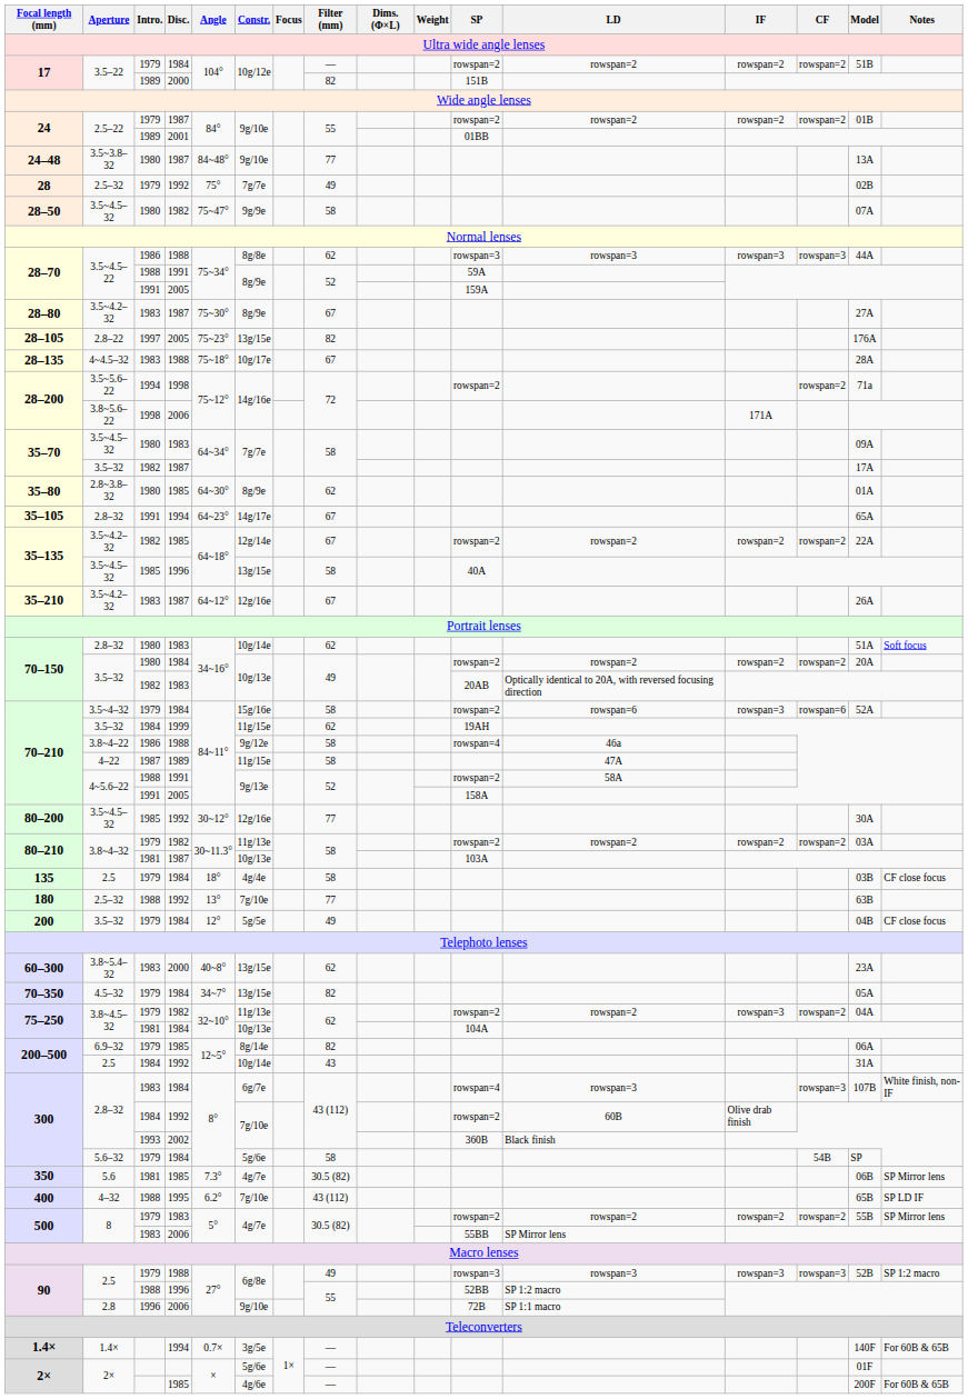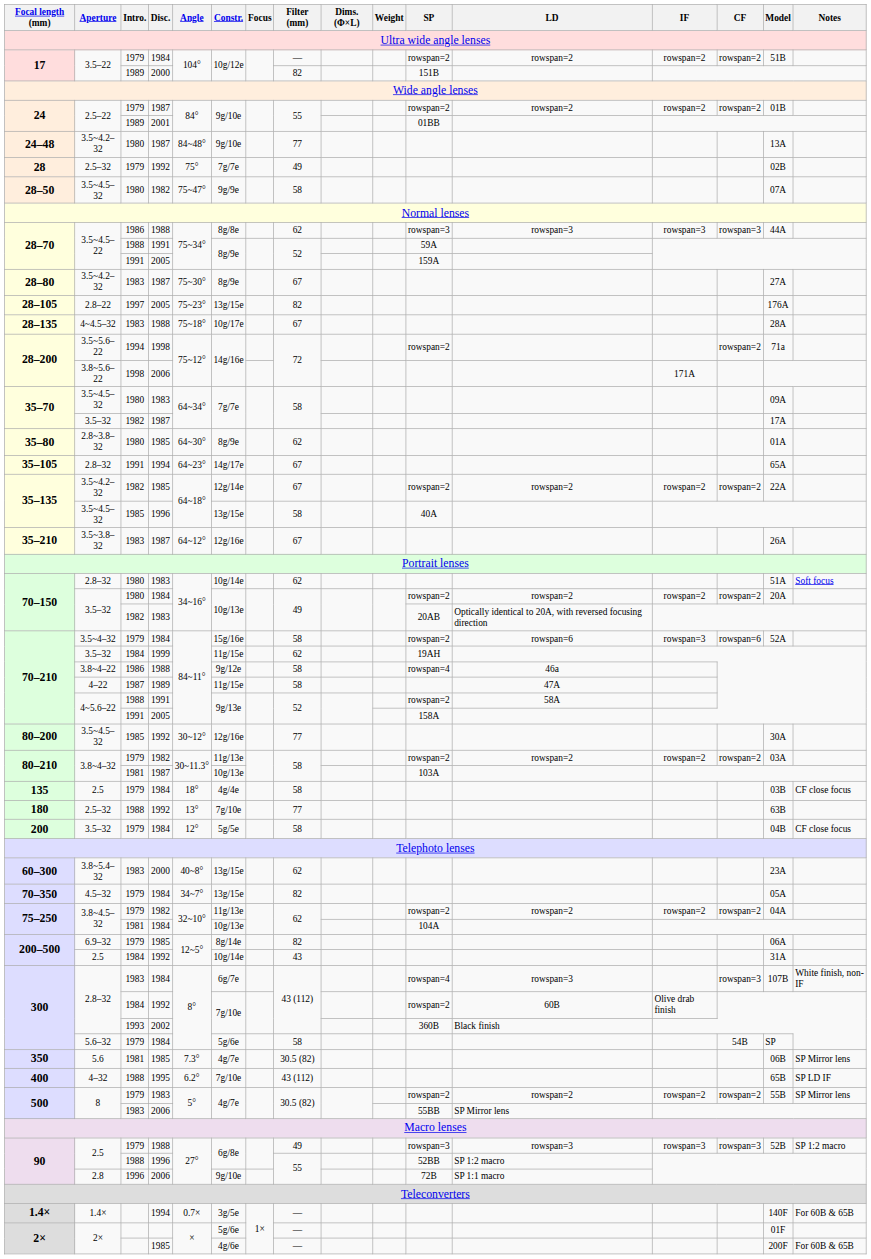 <table class="wikitable sortable" style="font-size:85%;text-align:center;">
 <tr>
 <th><a href='#'>Focal length</a> (mm)</th>
 <th><a href='#'>Aperture</a></th>
 <th>Intro.</th>
 <th>Disc.</th>
 <th><a href='#'>Angle</a></th>
 <th><a href='#'>Constr.</a></th>
 <th>Focus</th>
 <th>Filter (mm)</th>
 <th>Dims. (Φ×L)</th>
 <th>Weight</th>
 <th>SP</th>
 <th>LD</th>
 <th>IF</th>
 <th>CF</th>
 <th>Model</th>
 <th class="unsortable">Notes</th>
 </tr>
 <tr>
 <td colspan=16 style="font-size:125%;background:#fdd;" data-sort-value="z001"><a href='#'>Ultra wide angle lenses</a></td>
 </tr>
 <tr>
 <th rowspan=2 style="font-size:125%;background:#fdd;">17</th>
 <td rowspan=2>3.5–22</td>
 <td>1979</td>
 <td>1984</td>
 <td rowspan=2>104°</td>
 <td rowspan=2>10g/12e</td>
 <td rowspan=2></td>
 <td>—</td>
 <td></td>
 <td></td>
 <td>rowspan=2 </td>
 <td>rowspan=2 </td>
 <td>rowspan=2 </td>
 <td>rowspan=2 </td>
 <td>51B</td>
 <td style="text-align:left;"></td>
 </tr>
 <tr>
 <td>1989</td>
 <td>2000</td>
 <td>82</td>
 <td></td>
 <td></td>
 <td>151B</td>
 <td style="text-align:left;"></td>
 </tr>
 <tr>
 <td colspan=16 style="font-size:125%;background:#fed;" data-sort-value="z002"><a href='#'>Wide angle lenses</a></td>
 </tr>
 <tr>
 <th rowspan=2 style="font-size:125%;background:#fed;">24</th>
 <td rowspan=2>2.5–22</td>
 <td>1979</td>
 <td>1987</td>
 <td rowspan=2>84°</td>
 <td rowspan=2>9g/10e</td>
 <td rowspan=2></td>
 <td rowspan=2>55</td>
 <td></td>
 <td></td>
 <td>rowspan=2 </td>
 <td>rowspan=2 </td>
 <td>rowspan=2 </td>
 <td>rowspan=2 </td>
 <td>01B</td>
 <td style="text-align:left;"></td>
 </tr>
 <tr>
 <td>1989</td>
 <td>2001</td>
 <td></td>
 <td></td>
 <td>01BB</td>
 <td style="text-align:left;"></td>
 </tr>
 <tr>
 <th style="font-size:125%;background:#fed;">24–48</th>
-<td>3.5~3.8–32</td>
+<td>3.5~4.2–32</td>
 <td>1980</td>
 <td>1987</td>
 <td>84~48°</td>
 <td>9g/10e</td>
 <td></td>
 <td>77</td>
 <td></td>
 <td></td>
 <td></td>
 <td></td>
 <td></td>
 <td></td>
 <td>13A</td>
 <td style="text-align:left;"></td>
 </tr>
 <tr>
 <th style="font-size:125%;background:#fed;">28</th>
 <td>2.5–32</td>
 <td>1979</td>
 <td>1992</td>
 <td>75°</td>
 <td>7g/7e</td>
 <td></td>
 <td>49</td>
 <td></td>
 <td></td>
 <td></td>
 <td></td>
 <td></td>
 <td></td>
 <td>02B</td>
 <td style="text-align:left;"></td>
 </tr>
 <tr>
 <th style="font-size:125%;background:#fed;">28–50</th>
 <td>3.5~4.5–32</td>
 <td>1980</td>
 <td>1982</td>
 <td>75~47°</td>
 <td>9g/9e</td>
 <td></td>
 <td>58</td>
 <td></td>
 <td></td>
 <td></td>
 <td></td>
 <td></td>
 <td></td>
 <td>07A</td>
 <td style="text-align:left;"></td>
 </tr>
 <tr>
 <td colspan=16 style="font-size:125%;background:#ffd;" data-sort-value="z003"><a href='#'>Normal lenses</a></td>
 </tr>
 <tr>
 <th rowspan=3 style="font-size:125%;background:#ffd;">28–70</th>
 <td rowspan=3>3.5~4.5–22</td>
 <td>1986</td>
 <td>1988</td>
 <td rowspan=3>75~34°</td>
 <td>8g/8e</td>
 <td></td>
 <td>62</td>
 <td></td>
 <td></td>
 <td>rowspan=3 </td>
 <td>rowspan=3 </td>
 <td>rowspan=3 </td>
 <td>rowspan=3 </td>
 <td>44A</td>
 <td style="text-align:left;"></td>
 </tr>
 <tr>
 <td>1988</td>
 <td>1991</td>
 <td rowspan=2>8g/9e</td>
 <td rowspan=2></td>
 <td rowspan=2>52</td>
 <td></td>
 <td></td>
 <td>59A</td>
 <td style="text-align:left;"></td>
 </tr>
 <tr>
 <td>1991</td>
 <td>2005</td>
 <td></td>
 <td></td>
 <td>159A</td>
 <td style="text-align:left;"></td>
 </tr>
 <tr>
 <th style="font-size:125%;background:#ffd;">28–80</th>
 <td>3.5~4.2–32</td>
 <td>1983</td>
 <td>1987</td>
 <td>75~30°</td>
 <td>8g/9e</td>
 <td></td>
 <td>67</td>
 <td></td>
 <td></td>
 <td></td>
 <td></td>
 <td></td>
 <td></td>
 <td>27A</td>
 <td style="text-align:left;"></td>
 </tr>
 <tr>
 <th style="font-size:125%;background:#ffd;">28–105</th>
 <td>2.8–22</td>
 <td>1997</td>
 <td>2005</td>
 <td>75~23°</td>
 <td>13g/15e</td>
 <td></td>
 <td>82</td>
 <td></td>
 <td></td>
 <td></td>
 <td></td>
 <td></td>
 <td></td>
 <td>176A</td>
 <td style="text-align:left;"></td>
 </tr>
 <tr>
 <th style="font-size:125%;background:#ffd;">28–135</th>
 <td>4~4.5–32</td>
 <td>1983</td>
 <td>1988</td>
 <td>75~18°</td>
 <td>10g/17e</td>
 <td></td>
 <td>67</td>
 <td></td>
 <td></td>
 <td></td>
 <td></td>
 <td></td>
 <td></td>
 <td>28A</td>
 <td style="text-align:left;"></td>
 </tr>
 <tr>
 <th rowspan=2 style="font-size:125%;background:#ffd;">28–200</th>
 <td>3.5~5.6–22</td>
 <td>1994</td>
 <td>1998</td>
 <td rowspan=2>75~12°</td>
 <td rowspan=2>14g/16e</td>
 <td></td>
 <td rowspan=2>72</td>
 <td></td>
 <td></td>
 <td>rowspan=2 </td>
 <td></td>
 <td></td>
 <td>rowspan=2 </td>
 <td>71a</td>
 <td style="text-align:left;"></td>
 </tr>
 <tr>
 <td>3.8~5.6–22</td>
 <td>1998</td>
 <td>2006</td>
 <td></td>
 <td></td>
 <td></td>
 <td></td>
 <td></td>
 <td>171A</td>
 <td style="text-align:left;"></td>
 </tr>
 <tr>
 <th rowspan=2 style="font-size:125%;background:#ffd;">35–70</th>
 <td>3.5~4.5–32</td>
 <td>1980</td>
 <td>1983</td>
 <td rowspan=2>64~34°</td>
 <td rowspan=2>7g/7e</td>
 <td rowspan=2></td>
 <td rowspan=2>58</td>
 <td></td>
 <td></td>
 <td></td>
 <td></td>
 <td></td>
 <td></td>
 <td>09A</td>
 <td style="text-align:left;"></td>
 </tr>
 <tr>
 <td>3.5–32</td>
 <td>1982</td>
 <td>1987</td>
 <td></td>
 <td></td>
 <td></td>
 <td></td>
 <td></td>
 <td></td>
 <td>17A</td>
 <td style="text-align:left;"></td>
 </tr>
 <tr>
 <th style="font-size:125%;background:#ffd;">35–80</th>
 <td>2.8~3.8–32</td>
 <td>1980</td>
 <td>1985</td>
 <td>64~30°</td>
 <td>8g/9e</td>
 <td></td>
 <td>62</td>
 <td></td>
 <td></td>
 <td></td>
 <td></td>
 <td></td>
 <td></td>
 <td>01A</td>
 <td style="text-align:left;"></td>
 </tr>
 <tr>
 <th style="font-size:125%;background:#ffd;">35–105</th>
 <td>2.8–32</td>
 <td>1991</td>
 <td>1994</td>
 <td>64~23°</td>
 <td>14g/17e</td>
 <td></td>
 <td>67</td>
 <td></td>
 <td></td>
 <td></td>
 <td></td>
 <td></td>
 <td></td>
 <td>65A</td>
 <td style="text-align:left;"></td>
 </tr>
 <tr>
 <th rowspan=2 style="font-size:125%;background:#ffd;">35–135</th>
 <td>3.5~4.2–32</td>
 <td>1982</td>
 <td>1985</td>
 <td rowspan=2>64~18°</td>
 <td>12g/14e</td>
 <td></td>
 <td>67</td>
 <td></td>
 <td></td>
 <td>rowspan=2 </td>
 <td>rowspan=2  </td>
 <td>rowspan=2 </td>
 <td>rowspan=2 </td>
 <td>22A</td>
 <td style="text-align:left;"></td>
 </tr>
 <tr>
 <td>3.5~4.5–32</td>
 <td>1985</td>
 <td>1996</td>
 <td>13g/15e</td>
 <td></td>
 <td>58</td>
 <td></td>
 <td></td>
 <td>40A</td>
 <td style="text-align:left;"></td>
 </tr>
 <tr>
 <th style="font-size:125%;background:#ffd;">35–210</th>
-<td>3.5~4.2–32</td>
+<td>3.5~3.8–32</td>
 <td>1983</td>
 <td>1987</td>
 <td>64~12°</td>
 <td>12g/16e</td>
 <td></td>
 <td>67</td>
 <td></td>
 <td></td>
 <td></td>
 <td></td>
 <td></td>
 <td></td>
 <td>26A</td>
 <td style="text-align:left;"></td>
 </tr>
 <tr>
 <td colspan=16 style="font-size:125%;background:#dfd;" data-sort-value="z004"><a href='#'>Portrait lenses</a></td>
 </tr>
 <tr>
 <th rowspan=3 style="font-size:125%;background:#dfd;">70–150</th>
 <td>2.8–32</td>
 <td>1980</td>
 <td>1983</td>
 <td rowspan=3>34~16°</td>
 <td>10g/14e</td>
 <td></td>
 <td>62</td>
 <td></td>
 <td></td>
 <td></td>
 <td></td>
 <td></td>
 <td></td>
 <td>51A</td>
 <td style="text-align:left;"><a href='#'>Soft focus</a></td>
 </tr>
 <tr>
 <td rowspan=2>3.5–32</td>
 <td>1980</td>
 <td>1984</td>
 <td rowspan=2>10g/13e</td>
 <td rowspan=2></td>
 <td rowspan=2>49</td>
 <td rowspan=2></td>
 <td rowspan=2></td>
 <td>rowspan=2 </td>
 <td>rowspan=2 </td>
 <td>rowspan=2 </td>
 <td>rowspan=2 </td>
 <td>20A</td>
 <td style="text-align:left;"></td>
 </tr>
 <tr>
 <td>1982</td>
 <td>1983</td>
 <td>20AB</td>
 <td style="text-align:left;">Optically identical to 20A, with reversed focusing direction</td>
 </tr>
 <tr>
 <th rowspan=6 style="font-size:125%;background:#dfd;">70–210</th>
 <td>3.5~4–32</td>
 <td>1979</td>
 <td>1984</td>
 <td rowspan=6>84~11°</td>
 <td>15g/16e</td>
 <td></td>
 <td>58</td>
 <td></td>
 <td></td>
 <td>rowspan=2 </td>
 <td>rowspan=6 </td>
 <td>rowspan=3 </td>
 <td>rowspan=6 </td>
 <td>52A</td>
 <td style="text-align:left;"></td>
 </tr>
 <tr>
 <td>3.5–32</td>
 <td>1984</td>
 <td>1999</td>
 <td>11g/15e</td>
 <td></td>
 <td>62</td>
 <td></td>
 <td></td>
 <td>19AH</td>
 <td style="text-align:left;"></td>
 </tr>
 <tr>
 <td>3.8~4–22</td>
 <td>1986</td>
 <td>1988</td>
 <td>9g/12e</td>
 <td></td>
 <td>58</td>
 <td></td>
 <td></td>
 <td>rowspan=4 </td>
 <td>46a</td>
 <td style="text-align:left;"></td>
 </tr>
 <tr>
 <td>4–22</td>
 <td>1987</td>
 <td>1989</td>
 <td>11g/15e</td>
 <td></td>
 <td>58</td>
 <td></td>
 <td></td>
 <td></td>
 <td>47A</td>
 <td style="text-align:left;"></td>
 </tr>
 <tr>
 <td rowspan=2>4~5.6–22</td>
 <td>1988</td>
 <td>1991</td>
 <td rowspan=2>9g/13e</td>
 <td rowspan=2></td>
 <td rowspan=2>52</td>
 <td rowspan=2></td>
 <td></td>
 <td>rowspan=2 </td>
 <td>58A</td>
 <td style="text-align:left;"></td>
 </tr>
 <tr>
 <td>1991</td>
 <td>2005</td>
 <td></td>
 <td>158A</td>
 <td style="text-align:left;"></td>
 </tr>
 <tr>
 <th style="font-size:125%;background:#dfd;">80–200</th>
 <td>3.5~4.5–32</td>
 <td>1985</td>
 <td>1992</td>
 <td>30~12°</td>
 <td>12g/16e</td>
 <td></td>
 <td>77</td>
 <td></td>
 <td></td>
 <td></td>
 <td></td>
 <td></td>
 <td></td>
 <td>30A</td>
 <td style="text-align:left;"></td>
 </tr>
 <tr>
 <th rowspan=2 style="font-size:125%;background:#dfd;">80–210</th>
 <td rowspan=2>3.8~4–32</td>
 <td>1979</td>
 <td>1982</td>
 <td rowspan=2>30~11.3°</td>
 <td>11g/13e</td>
 <td rowspan=2></td>
 <td rowspan=2>58</td>
 <td></td>
 <td></td>
 <td>rowspan=2 </td>
 <td>rowspan=2 </td>
 <td>rowspan=2 </td>
 <td>rowspan=2 </td>
 <td>03A</td>
 <td style="text-align:left;"></td>
 </tr>
 <tr>
 <td>1981</td>
 <td>1987</td>
 <td>10g/13e</td>
 <td></td>
 <td></td>
 <td>103A</td>
 <td style="text-align:left;"></td>
 </tr>
 <tr>
 <th style="font-size:125%;background:#dfd;">135</th>
 <td>2.5</td>
 <td>1979</td>
 <td>1984</td>
 <td>18°</td>
 <td>4g/4e</td>
 <td></td>
 <td>58</td>
 <td></td>
 <td></td>
 <td></td>
 <td></td>
 <td></td>
 <td></td>
 <td>03B</td>
 <td style="text-align:left;">CF close focus</td>
 </tr>
 <tr>
 <th style="font-size:125%;background:#dfd;">180</th>
 <td>2.5–32</td>
 <td>1988</td>
 <td>1992</td>
 <td>13°</td>
 <td>7g/10e</td>
 <td></td>
 <td>77</td>
 <td></td>
 <td></td>
 <td></td>
 <td></td>
 <td></td>
 <td></td>
 <td>63B</td>
 <td style="text-align:left;"></td>
 </tr>
 <tr>
 <th style="font-size:125%;background:#dfd;">200</th>
 <td>3.5–32</td>
 <td>1979</td>
 <td>1984</td>
 <td>12°</td>
 <td>5g/5e</td>
 <td></td>
-<td>49</td>
+<td>58</td>
 <td></td>
 <td></td>
 <td></td>
 <td></td>
 <td></td>
 <td></td>
 <td>04B</td>
 <td style="text-align:left;">CF close focus</td>
 </tr>
 <tr>
 <td colspan=16 style="font-size:125%;background:#ddf;" data-sort-value="z005"><a href='#'>Telephoto lenses</a></td>
 </tr>
 <tr>
 <th style="font-size:125%;background:#ddf;">60–300</th>
 <td>3.8~5.4–32</td>
 <td>1983</td>
 <td>2000</td>
 <td>40~8°</td>
 <td>13g/15e</td>
 <td></td>
 <td>62</td>
 <td></td>
 <td></td>
 <td></td>
 <td></td>
 <td></td>
 <td></td>
 <td>23A</td>
 <td style="text-align:left;"></td>
 </tr>
 <tr>
 <th style="font-size:125%;background:#ddf;">70–350</th>
 <td>4.5–32</td>
 <td>1979</td>
 <td>1984</td>
 <td>34~7°</td>
 <td>13g/15e</td>
 <td></td>
 <td>82</td>
 <td></td>
 <td></td>
 <td></td>
 <td></td>
 <td></td>
 <td></td>
 <td>05A</td>
 <td style="text-align:left;"></td>
 </tr>
 <tr>
 <th rowspan=2 style="font-size:125%;background:#ddf;">75–250</th>
 <td rowspan=2>3.8~4.5–32</td>
 <td>1979</td>
 <td>1982</td>
 <td rowspan=2>32~10°</td>
 <td>11g/13e</td>
 <td rowspan=2></td>
 <td rowspan=2>62</td>
 <td></td>
 <td></td>
 <td>rowspan=2 </td>
 <td>rowspan=2 </td>
-<td>rowspan=3 </td>
+<td>rowspan=2 </td>
 <td>rowspan=2 </td>
 <td>04A</td>
 <td style="text-align:left;"></td>
 </tr>
 <tr>
 <td>1981</td>
 <td>1984</td>
 <td>10g/13e</td>
 <td></td>
 <td></td>
 <td>104A</td>
 <td style="text-align:left;"></td>
 </tr>
 <tr>
 <th rowspan=2 style="font-size:125%;background:#ddf;">200–500</th>
 <td>6.9–32</td>
 <td>1979</td>
 <td>1985</td>
 <td rowspan=2>12~5°</td>
 <td>8g/14e</td>
 <td></td>
 <td>82</td>
 <td></td>
 <td></td>
 <td></td>
 <td></td>
 <td></td>
 <td></td>
 <td>06A</td>
 <td style="text-align:left;"></td>
 </tr>
 <tr>
 <td>2.5</td>
 <td>1984</td>
 <td>1992</td>
 <td>10g/14e</td>
 <td></td>
 <td>43</td>
 <td></td>
 <td></td>
 <td></td>
 <td></td>
 <td></td>
 <td></td>
 <td>31A</td>
 <td style="text-align:left;"></td>
 </tr>
 <tr>
 <th style="font-size:125%;background:#ddf;" rowspan=4>300</th>
 <td rowspan=3>2.8–32</td>
 <td>1983</td>
 <td>1984</td>
 <td rowspan=4>8°</td>
 <td>6g/7e</td>
 <td></td>
 <td rowspan=3>43 (112)</td>
 <td></td>
 <td></td>
 <td>rowspan=4 </td>
 <td>rowspan=3 </td>
 <td></td>
 <td>rowspan=3 </td>
 <td>107B</td>
 <td style="text-align:left;">White finish, non-IF</td>
 </tr>
 <tr>
 <td>1984</td>
 <td>1992</td>
 <td rowspan=2>7g/10e</td>
 <td rowspan=2></td>
 <td></td>
 <td></td>
 <td>rowspan=2 </td>
 <td>60B</td>
 <td style="text-align:left;">Olive drab finish</td>
 </tr>
 <tr>
 <td>1993</td>
 <td>2002</td>
 <td></td>
 <td></td>
 <td>360B</td>
 <td style="text-align:left;">Black finish</td>
 </tr>
 <tr>
 <td>5.6–32</td>
 <td>1979</td>
 <td>1984</td>
 <td>5g/6e</td>
 <td></td>
 <td>58</td>
 <td></td>
 <td></td>
 <td></td>
 <td></td>
 <td></td>
 <td>54B</td>
 <td style="text-align:left;">SP</td>
 </tr>
 <tr>
 <th style="font-size:125%;background:#ddf;">350</th>
 <td>5.6</td>
 <td>1981</td>
 <td>1985</td>
 <td>7.3°</td>
 <td>4g/7e</td>
 <td></td>
 <td>30.5 (82)</td>
 <td></td>
 <td></td>
 <td></td>
 <td></td>
 <td></td>
 <td></td>
 <td>06B</td>
 <td style="text-align:left;">SP Mirror lens</td>
 </tr>
 <tr>
 <th style="font-size:125%;background:#ddf;">400</th>
 <td>4–32</td>
 <td>1988</td>
 <td>1995</td>
 <td>6.2°</td>
 <td>7g/10e</td>
 <td></td>
 <td>43 (112)</td>
 <td></td>
 <td></td>
 <td></td>
 <td></td>
 <td></td>
 <td></td>
 <td>65B</td>
 <td style="text-align:left;">SP LD IF</td>
 </tr>
 <tr>
 <th style="font-size:125%;background:#ddf;" rowspan=2>500</th>
 <td rowspan=2>8</td>
 <td>1979</td>
 <td>1983</td>
 <td rowspan=2>5°</td>
 <td rowspan=2>4g/7e</td>
 <td rowspan=2></td>
 <td rowspan=2>30.5 (82)</td>
 <td rowspan=2></td>
 <td></td>
 <td>rowspan=2 </td>
 <td>rowspan=2 </td>
 <td>rowspan=2 </td>
 <td>rowspan=2 </td>
 <td>55B</td>
 <td style="text-align:left;">SP Mirror lens</td>
 </tr>
 <tr>
 <td>1983</td>
 <td>2006</td>
 <td></td>
 <td>55BB</td>
 <td style="text-align:left;">SP Mirror lens</td>
 </tr>
 <tr>
 <td colspan=16 style="font-size:125%;background:#ede;" data-sort-value="z006"><a href='#'>Macro lenses</a></td>
 </tr>
 <tr>
 <th style="font-size:125%;background:#ede;" rowspan=3>90</th>
 <td rowspan=2>2.5</td>
 <td>1979</td>
 <td>1988</td>
 <td rowspan=3>27°</td>
 <td rowspan=2>6g/8e</td>
 <td rowspan=2></td>
 <td>49</td>
 <td></td>
 <td></td>
 <td>rowspan=3 </td>
 <td>rowspan=3 </td>
 <td>rowspan=3 </td>
 <td>rowspan=3 </td>
 <td>52B</td>
 <td style="text-align:left;">SP 1:2 macro</td>
 </tr>
 <tr>
 <td>1988</td>
 <td>1996</td>
 <td rowspan=2>55</td>
 <td></td>
 <td></td>
 <td>52BB</td>
 <td style="text-align:left;">SP 1:2 macro</td>
 </tr>
 <tr>
 <td>2.8</td>
 <td>1996</td>
 <td>2006</td>
 <td>9g/10e</td>
 <td></td>
 <td></td>
 <td></td>
 <td>72B</td>
 <td style="text-align:left;">SP 1:1 macro</td>
 </tr>
 <tr>
 <td colspan=16 style="font-size:125%;background:#ddd;" data-sort-value="z007"><a href='#'>Teleconverters</a></td>
 </tr>
 <tr>
 <th style="font-size:125%;background:#ddd;">1.4×</th>
 <td>1.4×</td>
 <td></td>
 <td>1994</td>
 <td>0.7×</td>
 <td>3g/5e</td>
 <td rowspan=3>1×</td>
 <td>—</td>
 <td></td>
 <td></td>
 <td></td>
 <td></td>
 <td></td>
 <td></td>
 <td>140F</td>
 <td style="text-align:left;">For 60B & 65B</td>
 </tr>
 <tr>
 <th rowspan=2 style="font-size:125%;background:#ddd;">2×</th>
 <td rowspan=2>2×</td>
 <td></td>
 <td></td>
 <td rowspan=2>×</td>
 <td>5g/6e</td>
 <td>—</td>
 <td></td>
 <td></td>
 <td></td>
 <td></td>
 <td></td>
 <td></td>
 <td>01F</td>
 <td style="text-align:left;"></td>
 </tr>
 <tr>
 <td></td>
 <td>1985</td>
 <td>4g/6e</td>
 <td>—</td>
 <td></td>
 <td></td>
 <td></td>
 <td></td>
 <td></td>
 <td></td>
 <td>200F</td>
 <td style="text-align:left;">For 60B & 65B</td>
 </tr>
 </table>
